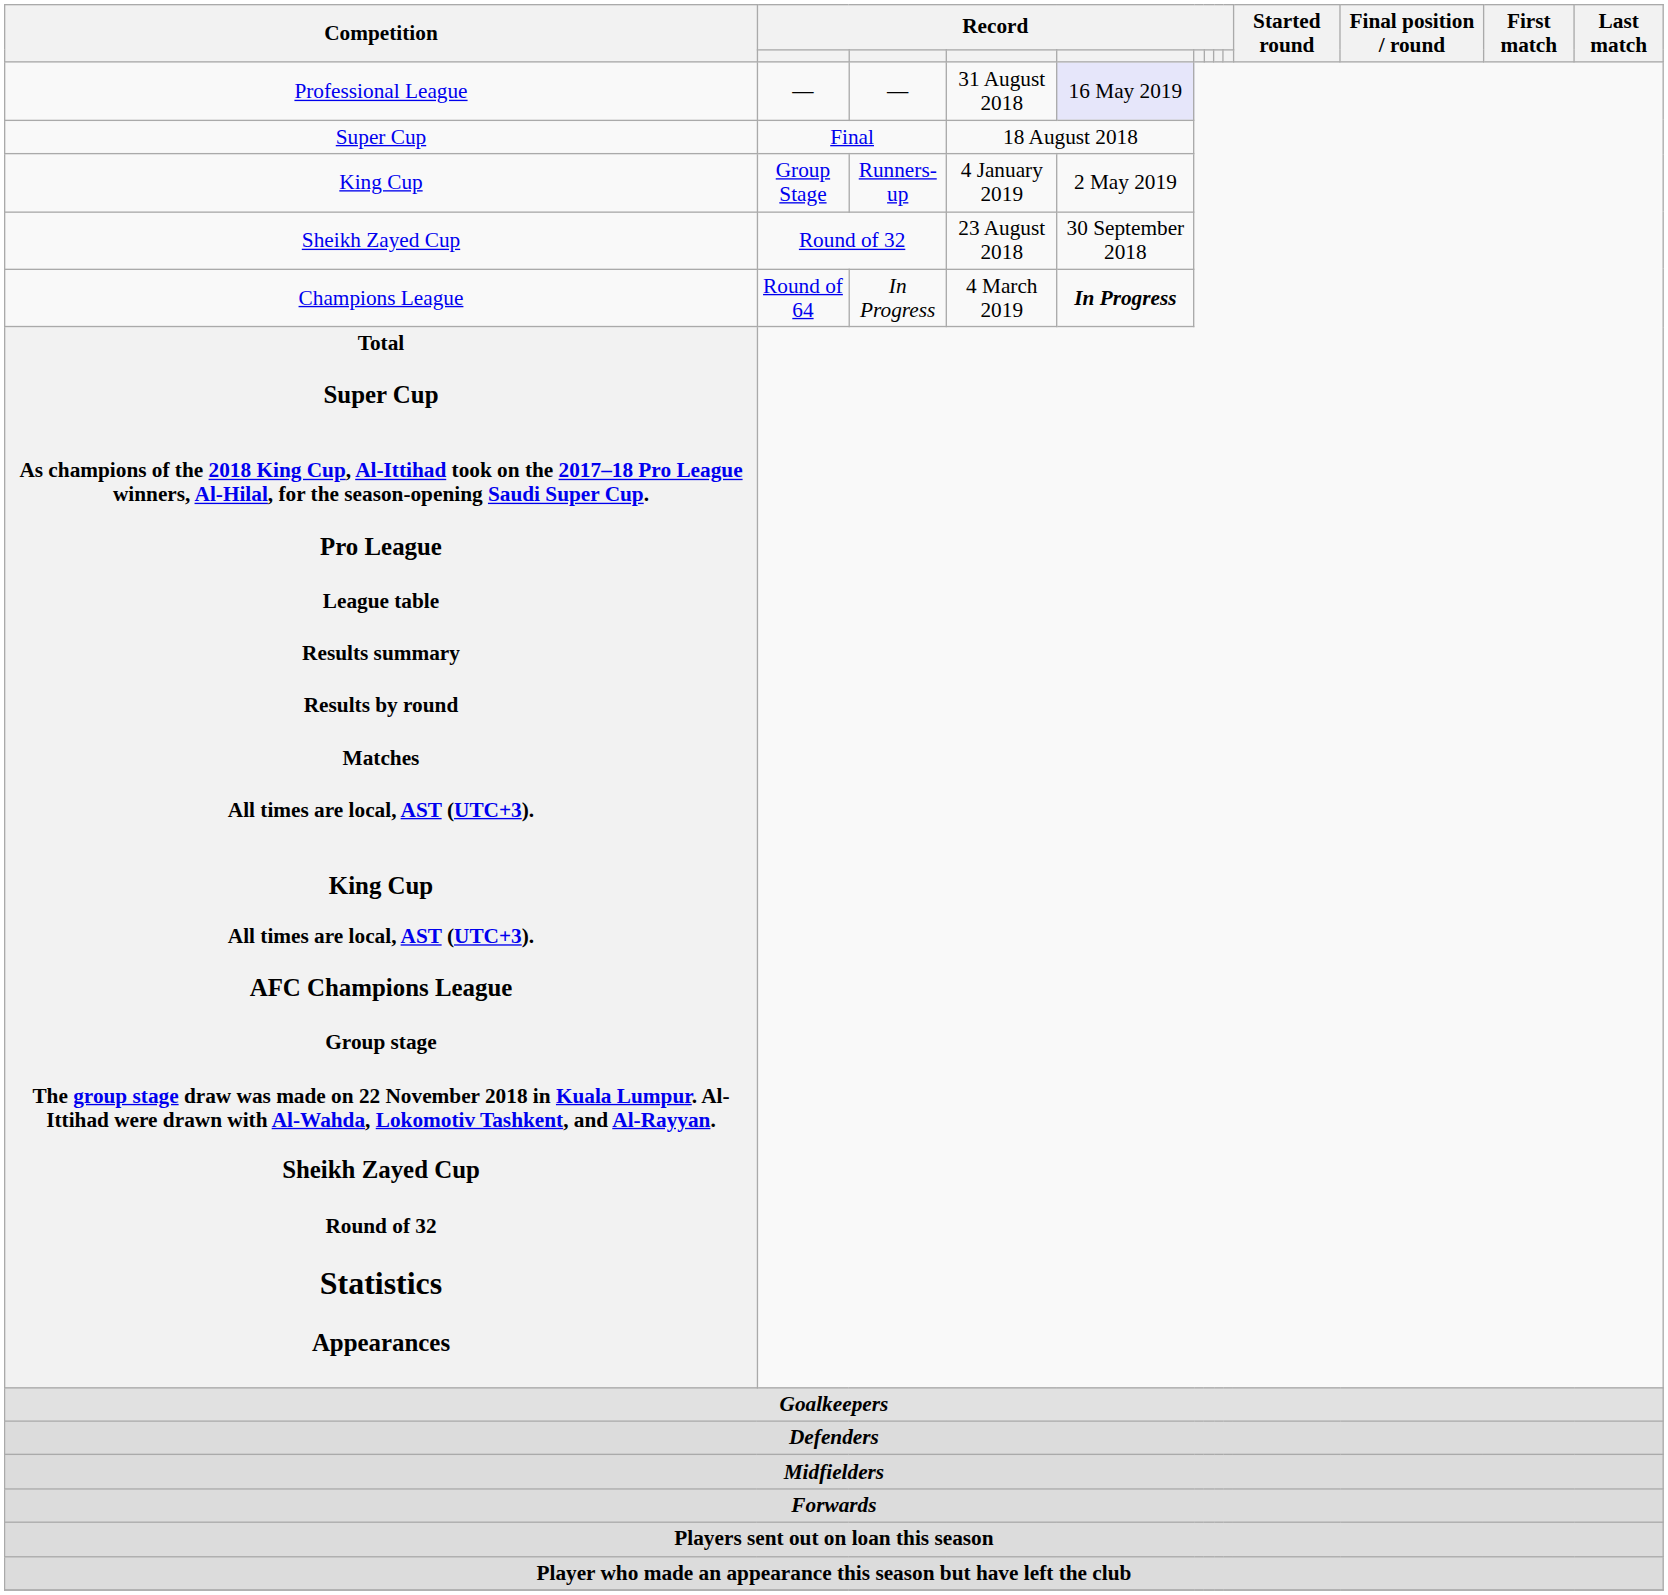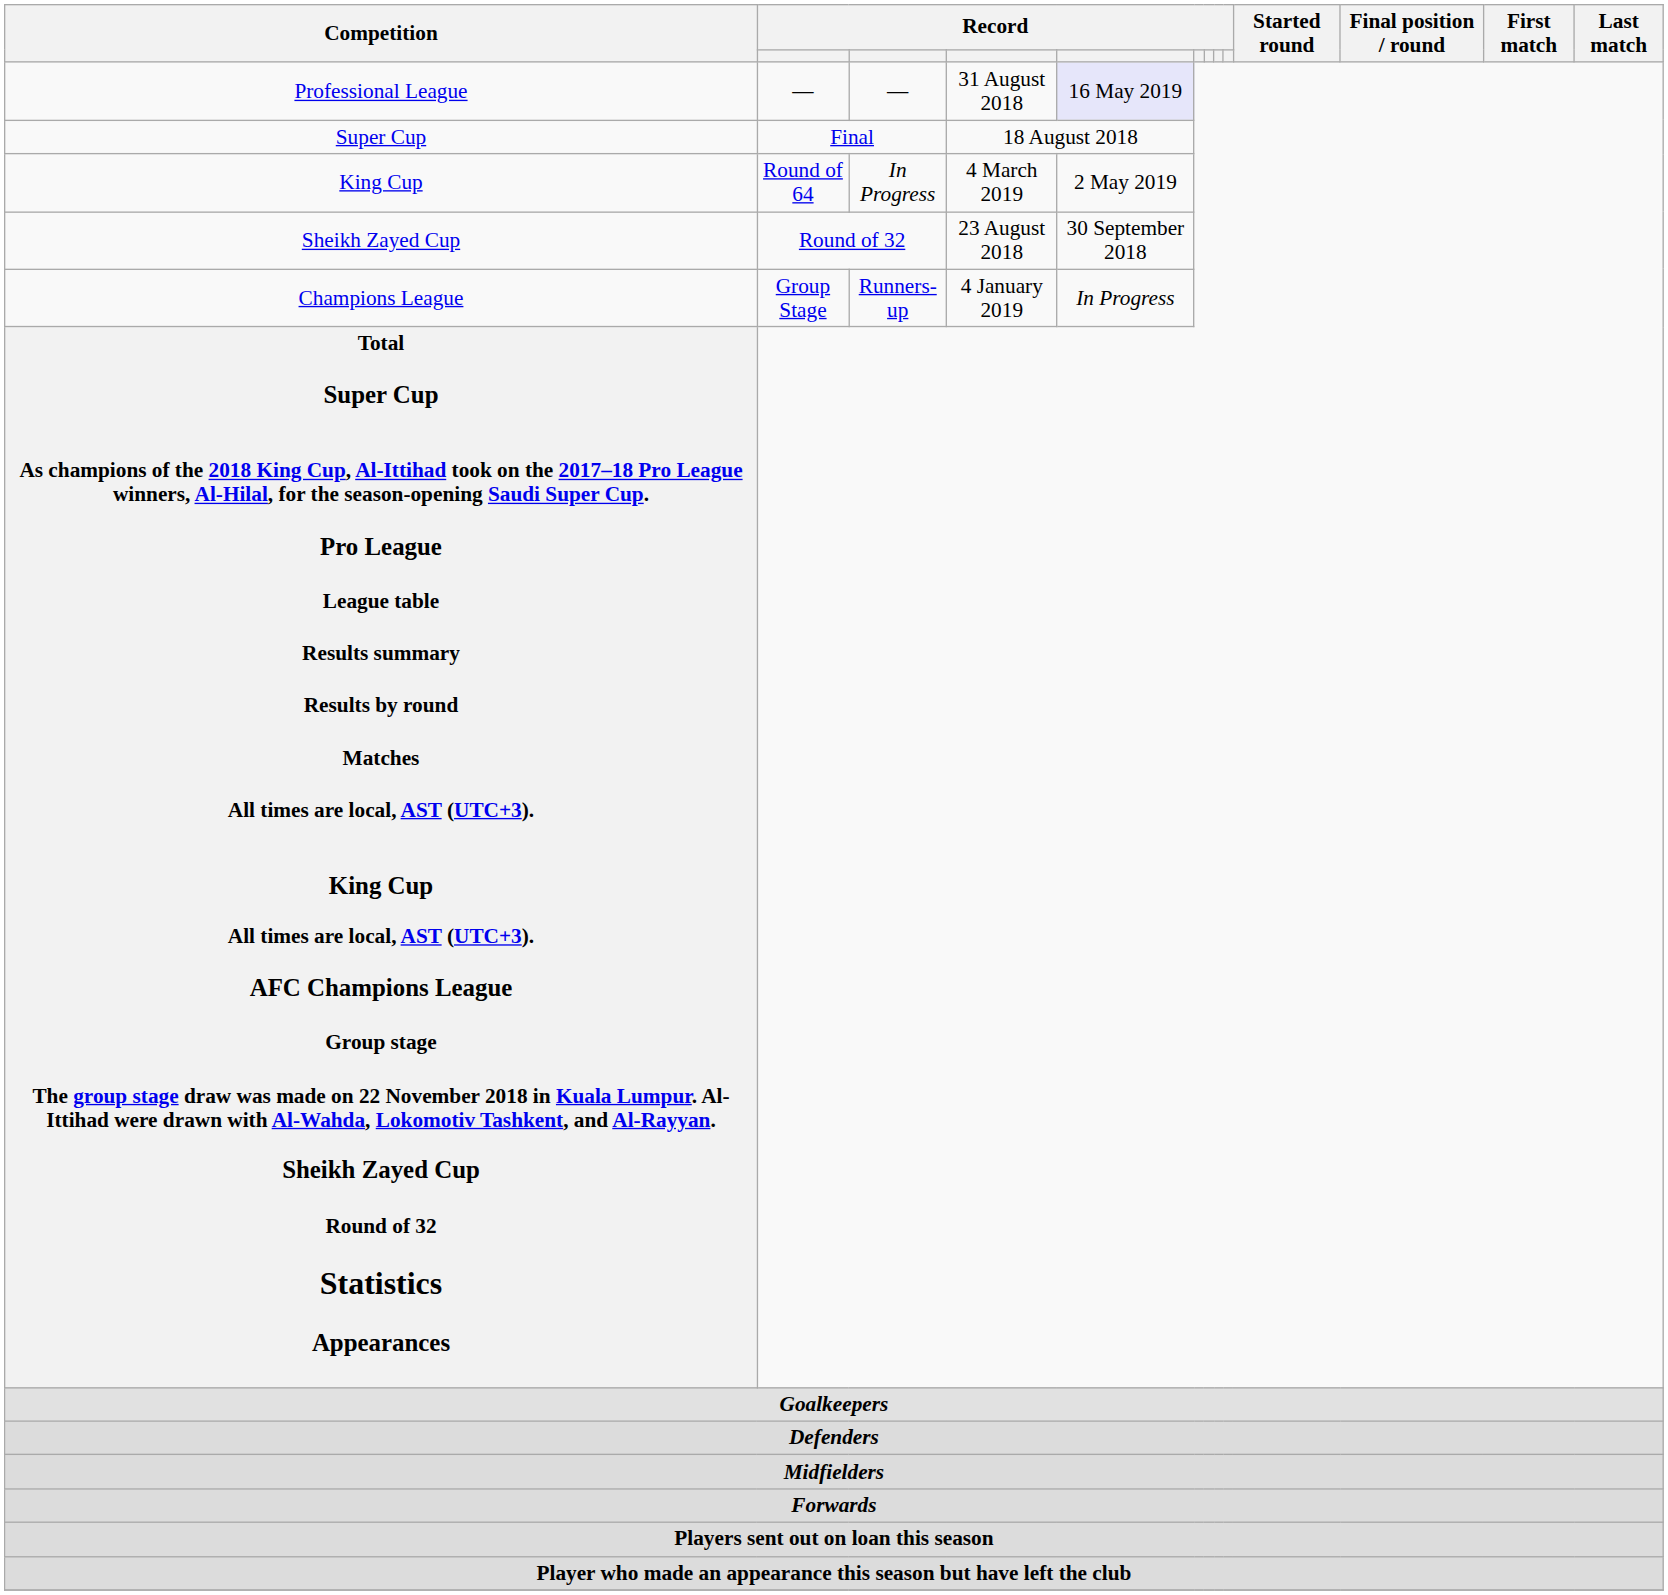 <table class="wikitable" style="text-align: center">
 <tr>
 <th rowspan=2>Competition</th>
 <th colspan=8>Record</th>
 <th rowspan=2>Started round</th>
 <th rowspan=2>Final position / round</th>
 <th rowspan=2>First match</th>
 <th rowspan=2>Last match</th>
 </tr>
 <tr>
 <th></th>
 <th></th>
 <th></th>
 <th></th>
 <th></th>
 <th></th>
 <th></th>
 <th></th>
 </tr>
 <tr>
 <td><a href='#'>Professional League</a><br></td>
 <td>—</td>
 <td>—</td>
 <td>31 August 2018</td>
 <td style="background: lavender;">16 May 2019</td>
 </tr>
 <tr>
 <td><a href='#'>Super Cup</a><br></td>
 <td colspan=2><a href='#'>Final</a></td>
 <td colspan=2>18 August 2018</td>
 </tr>
 <tr>
 <td><a href='#'>King Cup</a><br></td>
-<td><a href='#'>Group Stage</a></td>
-<td><a href='#'>Runners-up</a></td>
-<td>4 January 2019</td>
+<td><a href='#'>Round of 64</a></td>
+<td><em>In Progress</em></td>
+<td>4 March 2019</td>
 <td>2 May 2019</td>
 </tr>
 <tr>
 <td><a href='#'>Sheikh Zayed Cup</a><br></td>
 <td colspan=2><a href='#'>Round of 32</a></td>
 <td>23 August 2018</td>
 <td>30 September 2018</td>
 </tr>
 <tr>
 <td><a href='#'>Champions League</a><br></td>
-<td><a href='#'>Round of 64</a></td>
+<td><a href='#'>Group Stage</a></td>
+<td><a href='#'>Runners-up</a></td>
+<td>4 January 2019</td>
 <td><em>In Progress</em></td>
-<td>4 March 2019</td>
-<td><strong><em>In Progress</em></strong></td>
 </tr>
 <tr>
 <th>Total<br> <h3>Super Cup</h3><br>As champions of the <a href='#'>2018 King Cup</a>, <a href='#'>Al-Ittihad</a> took on the <a href='#'>2017–18 Pro League</a> winners, <a href='#'>Al-Hilal</a>, for the season-opening <a href='#'>Saudi Super Cup</a>.<br><h3>Pro League</h3><h4>League table</h4><h4>Results summary</h4> <h4>Results by round</h4><h4>Matches</h4>All times are local, <a href='#'>AST</a> (<a href='#'>UTC+3</a>).<br>   <br>                             <h3>King Cup</h3> All times are local, <a href='#'>AST</a> (<a href='#'>UTC+3</a>).<br>     <h3>AFC Champions League</h3><h4>Group stage</h4> The <a href='#'>group stage</a> draw was made on 22 November 2018 in <a href='#'>Kuala Lumpur</a>. Al-Ittihad were drawn with <a href='#'>Al-Wahda</a>, <a href='#'>Lokomotiv Tashkent</a>, and <a href='#'>Al-Rayyan</a>. <br>     <h3>Sheikh Zayed Cup</h3><h4>Round of 32</h4> <h2>Statistics</h2><h3>Appearances</h3></th>
 </tr>
 <tr>
 <th colspan=18 style=background:#dcdcdcdc; text-align:center><em>Goalkeepers</em><br>   </th>
 </tr>
 <tr>
 <th colspan=16 style=background:#dcdcdc; text-align:center><em>Defenders</em><br>           </th>
 </tr>
 <tr>
 <th colspan=16 style=background:#dcdcdc; text-align:center><em>Midfielders</em><br>           </th>
 </tr>
 <tr>
 <th colspan=16 style=background:#dcdcdc; text-align:center><em>Forwards</em><br>    </th>
 </tr>
 <tr>
 <th colspan=18 style=background:#dcdcdc; text-align:center>Players sent out on loan this season<br>   </th>
 </tr>
 <tr>
 <th colspan=18 style=background:#dcdcdc; text-align:center>Player who made an appearance this season but have left the club<br>   </th>
 </tr>
 <tr>
 </tr>
 </table>
